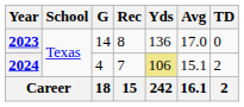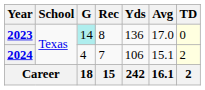 <table class="wikitable">
 <tr>
 <th>Year</th>
 <th>School</th>
 <th>G</th>
 <th>Rec</th>
 <th>Yds</th>
 <th>Avg</th>
 <th>TD</th>
 </tr>
 <tr>
 <th><a href='#'>2023</a></th>
 <td rowspan="2"><a href='#'>Texas</a></td>
-<td>14</td>
+<td style="background: paleturquoise;">14</td>
 <td>8</td>
 <td>136</td>
 <td>17.0</td>
-<td>0</td>
+<td style="background: lightyellow;">0</td>
 </tr>
 <tr>
 <th><a href='#'>2024</a></th>
 <td>4</td>
 <td>7</td>
-<td style="background: khaki;">106</td>
+<td>106</td>
 <td>15.1</td>
-<td>2</td>
+<td style="background: lightyellow;">2</td>
 </tr>
 <tr>
 <th colspan="2">Career</th>
 <th>18</th>
 <th>15</th>
 <th>242</th>
 <th>16.1</th>
 <th>2</th>
 </tr>
 </table>
